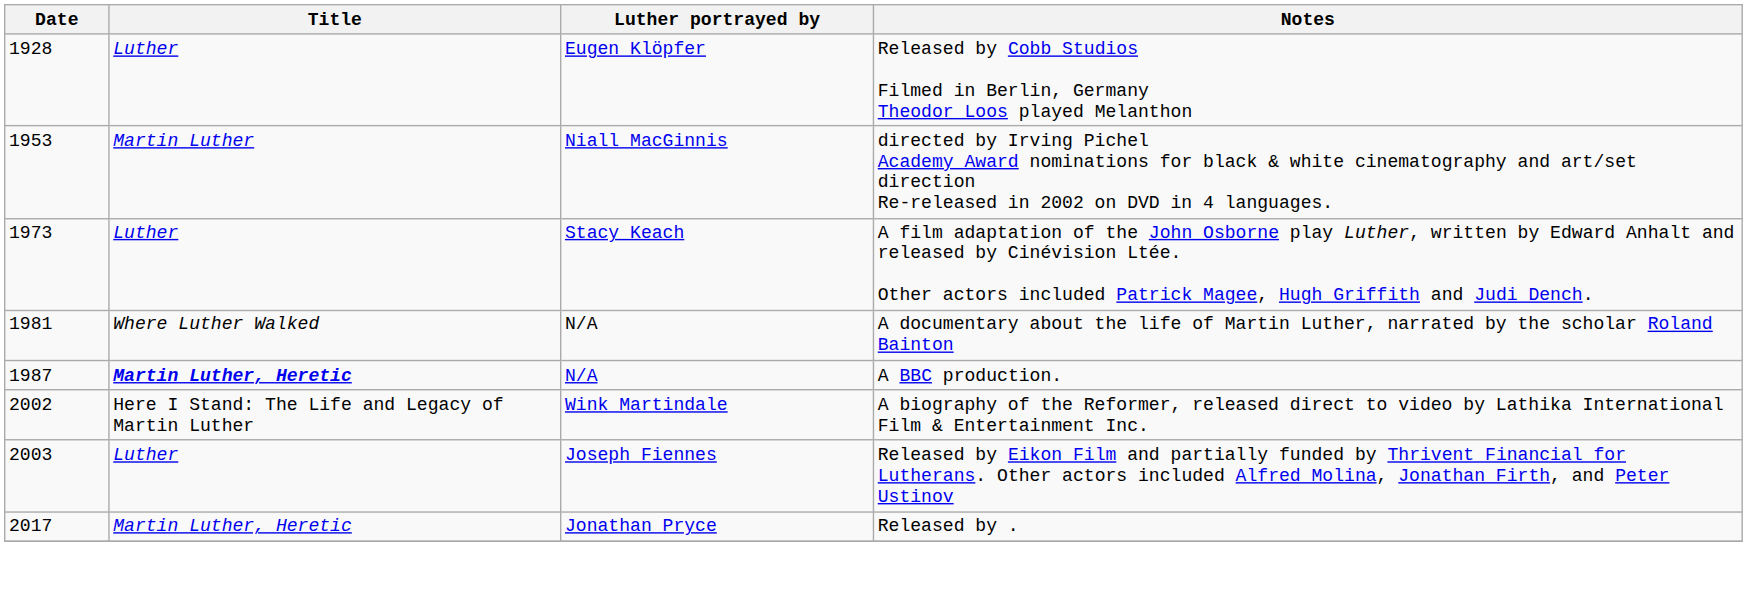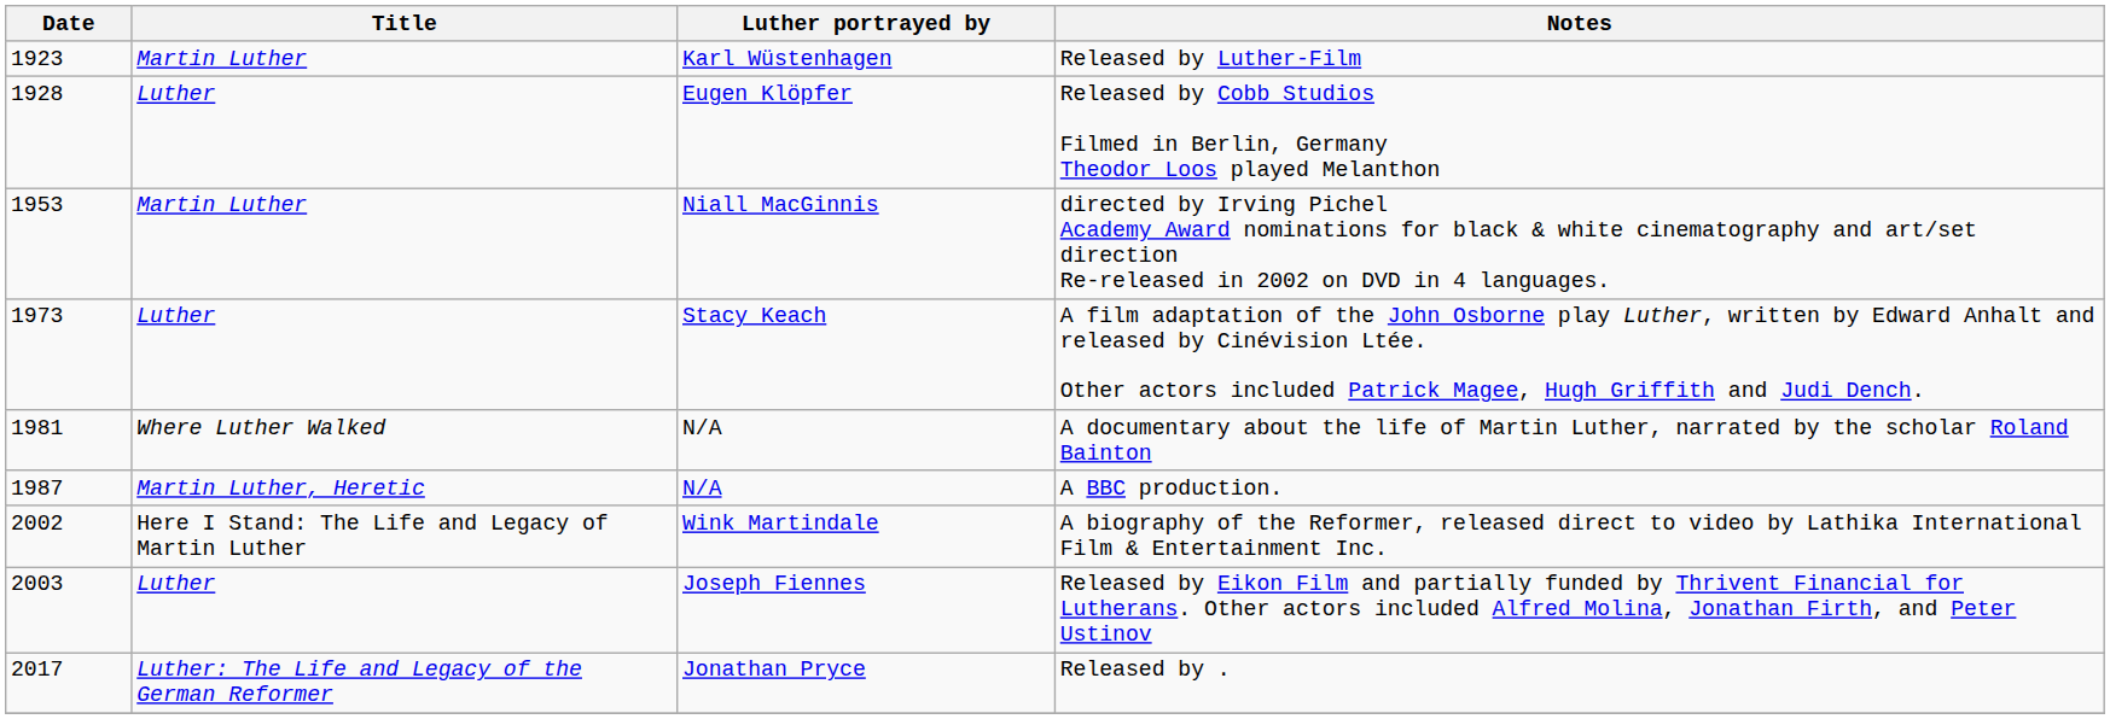 <table class="wikitable sortable">
 <tr>
 <th width="6%">Date</th>
 <th width="26%">Title</th>
 <th width="18%">Luther portrayed by</th>
 <th width="50%">Notes</th>
+</tr>
+<tr valign="top">
+<td>1923</td>
+<td><em><a href='#'>Martin Luther</a></em></td>
+<td><a href='#'>Karl Wüstenhagen</a></td>
+<td>Released by <a href='#'>Luther-Film</a><br></td>
 </tr>
 <tr valign="top">
 <td>1928</td>
 <td><em><a href='#'>Luther</a></em></td>
 <td><a href='#'>Eugen Klöpfer</a></td>
 <td>Released by <a href='#'>Cobb Studios</a><br><br>Filmed in Berlin, Germany<br> <a href='#'>Theodor Loos</a> played Melanthon</td>
 </tr>
 <tr valign="top">
 <td>1953</td>
 <td><em><a href='#'>Martin Luther</a></em></td>
 <td><a href='#'>Niall MacGinnis</a></td>
 <td>directed by Irving Pichel<br><a href='#'>Academy Award</a> nominations for black & white cinematography and art/set direction <br>Re-released in 2002 on DVD in 4 languages.</td>
 </tr>
 <tr valign="top">
 <td>1973</td>
 <td><em><a href='#'>Luther</a></em></td>
 <td><a href='#'>Stacy Keach</a></td>
 <td>A film adaptation of the <a href='#'>John Osborne</a> play <em>Luther</em>, written by Edward Anhalt and released by Cinévision Ltée.<br><br>Other actors included  <a href='#'>Patrick Magee</a>, <a href='#'>Hugh Griffith</a> and <a href='#'>Judi Dench</a>.</td>
 </tr>
 <tr valign="top">
 <td>1981</td>
 <td><em>Where Luther Walked</em></td>
 <td>N/A</td>
 <td>A documentary about the life of Martin Luther, narrated by the scholar <a href='#'>Roland Bainton</a></td>
 </tr>
 <tr valign="top">
 <td>1987</td>
-<td><strong><em><a href='#'>Martin Luther, Heretic</a></em></strong></td>
+<td><em><a href='#'>Martin Luther, Heretic</a></em></td>
 <td><a href='#'>N/A</a></td>
 <td>A <a href='#'>BBC</a> production.</td>
 </tr>
 <tr valign="top">
 <td>2002</td>
 <td>Here I Stand: The Life and Legacy of Martin Luther</td>
 <td><a href='#'>Wink Martindale</a></td>
 <td>A biography of the Reformer, released direct to video by Lathika International Film & Entertainment Inc.</td>
 </tr>
 <tr valign="top">
 <td>2003</td>
 <td><em><a href='#'>Luther</a></em></td>
 <td><a href='#'>Joseph Fiennes</a></td>
 <td>Released by <a href='#'>Eikon Film</a> and partially funded by <a href='#'>Thrivent Financial for Lutherans</a>.  Other actors included <a href='#'>Alfred Molina</a>, <a href='#'>Jonathan Firth</a>, and <a href='#'>Peter Ustinov</a></td>
 </tr>
 <tr valign="top">
 <td>2017</td>
-<td><em><a href='#'>Martin Luther, Heretic</a></em></td>
+<td><em><a href='#'>Luther: The Life and Legacy of the German Reformer</a></em></td>
 <td><a href='#'>Jonathan Pryce</a></td>
 <td>Released by .</td>
 </tr>
 <tr valign="top">
 </tr>
 </table>
